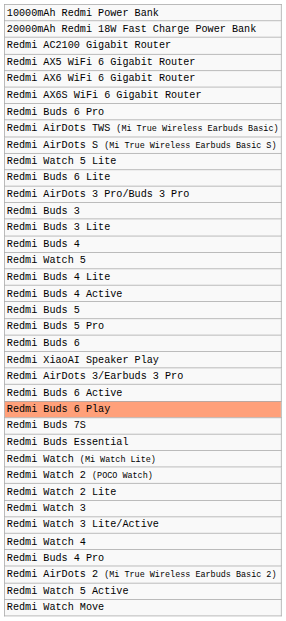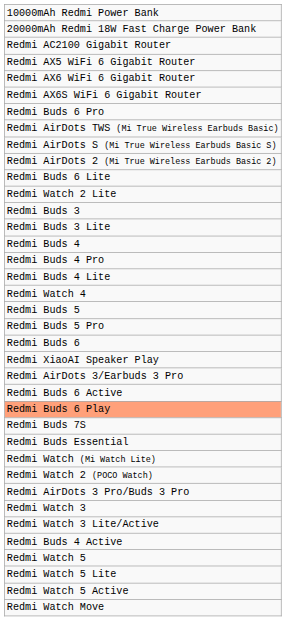 <table class="wikitable">
 <tr>
 <td>10000mAh Redmi Power Bank</td>
 </tr>
 <tr>
 <td>20000mAh Redmi 18W Fast Charge Power Bank</td>
 </tr>
 <tr>
 <td>Redmi AC2100 Gigabit Router</td>
 </tr>
 <tr>
 <td>Redmi AX5 WiFi 6 Gigabit Router</td>
 </tr>
 <tr>
 <td>Redmi AX6 WiFi 6 Gigabit Router</td>
 </tr>
 <tr>
 <td>Redmi AX6S WiFi 6 Gigabit Router</td>
 </tr>
 <tr>
 <td>Redmi Buds 6 Pro</td>
 </tr>
 <tr>
 <td>Redmi AirDots TWS <small>(Mi True Wireless Earbuds Basic)</small></td>
 </tr>
 <tr>
 <td>Redmi AirDots S <small>(Mi True Wireless Earbuds Basic S)</small></td>
 </tr>
 <tr>
-<td>Redmi Watch 5 Lite</td>
+<td>Redmi AirDots 2 <small>(Mi True Wireless Earbuds Basic 2)</small></td>
 </tr>
 <tr>
 <td>Redmi Buds 6 Lite</td>
 </tr>
 <tr>
-<td>Redmi AirDots 3 Pro/Buds 3 Pro</td>
+<td>Redmi Watch 2 Lite</td>
 </tr>
 <tr>
 <td>Redmi Buds 3</td>
 </tr>
 <tr>
 <td>Redmi Buds 3 Lite</td>
 </tr>
 <tr>
 <td>Redmi Buds 4</td>
 </tr>
 <tr>
-<td>Redmi Watch 5</td>
+<td>Redmi Buds 4 Pro</td>
 </tr>
 <tr>
 <td>Redmi Buds 4 Lite</td>
 </tr>
 <tr>
-<td>Redmi Buds 4 Active</td>
+<td>Redmi Watch 4</td>
 </tr>
 <tr>
 <td>Redmi Buds 5</td>
 </tr>
 <tr>
 <td>Redmi Buds 5 Pro</td>
 </tr>
 <tr>
 <td>Redmi Buds 6</td>
 </tr>
 <tr>
 <td>Redmi XiaoAI Speaker Play</td>
 </tr>
 <tr>
 <td>Redmi AirDots 3/Earbuds 3 Pro</td>
 </tr>
 <tr>
 <td>Redmi Buds 6 Active</td>
 </tr>
 <tr>
 <td style="background: lightsalmon;">Redmi Buds 6 Play</td>
 </tr>
 <tr>
 <td>Redmi Buds 7S</td>
 </tr>
 <tr>
 <td>Redmi Buds Essential</td>
 </tr>
 <tr>
 <td>Redmi Watch <small>(Mi Watch Lite)</small></td>
 </tr>
 <tr>
 <td>Redmi Watch 2 <small>(POCO Watch)</small></td>
 </tr>
 <tr>
-<td>Redmi Watch 2 Lite</td>
+<td>Redmi AirDots 3 Pro/Buds 3 Pro</td>
 </tr>
 <tr>
 <td>Redmi Watch 3</td>
 </tr>
 <tr>
 <td>Redmi Watch 3 Lite/Active</td>
 </tr>
 <tr>
-<td>Redmi Watch 4</td>
+<td>Redmi Buds 4 Active</td>
 </tr>
 <tr>
-<td>Redmi Buds 4 Pro</td>
+<td>Redmi Watch 5</td>
 </tr>
 <tr>
-<td>Redmi AirDots 2 <small>(Mi True Wireless Earbuds Basic 2)</small></td>
+<td>Redmi Watch 5 Lite</td>
 </tr>
 <tr>
 <td>Redmi Watch 5 Active</td>
 </tr>
 <tr>
 <td>Redmi Watch Move</td>
 </tr>
 </table>
